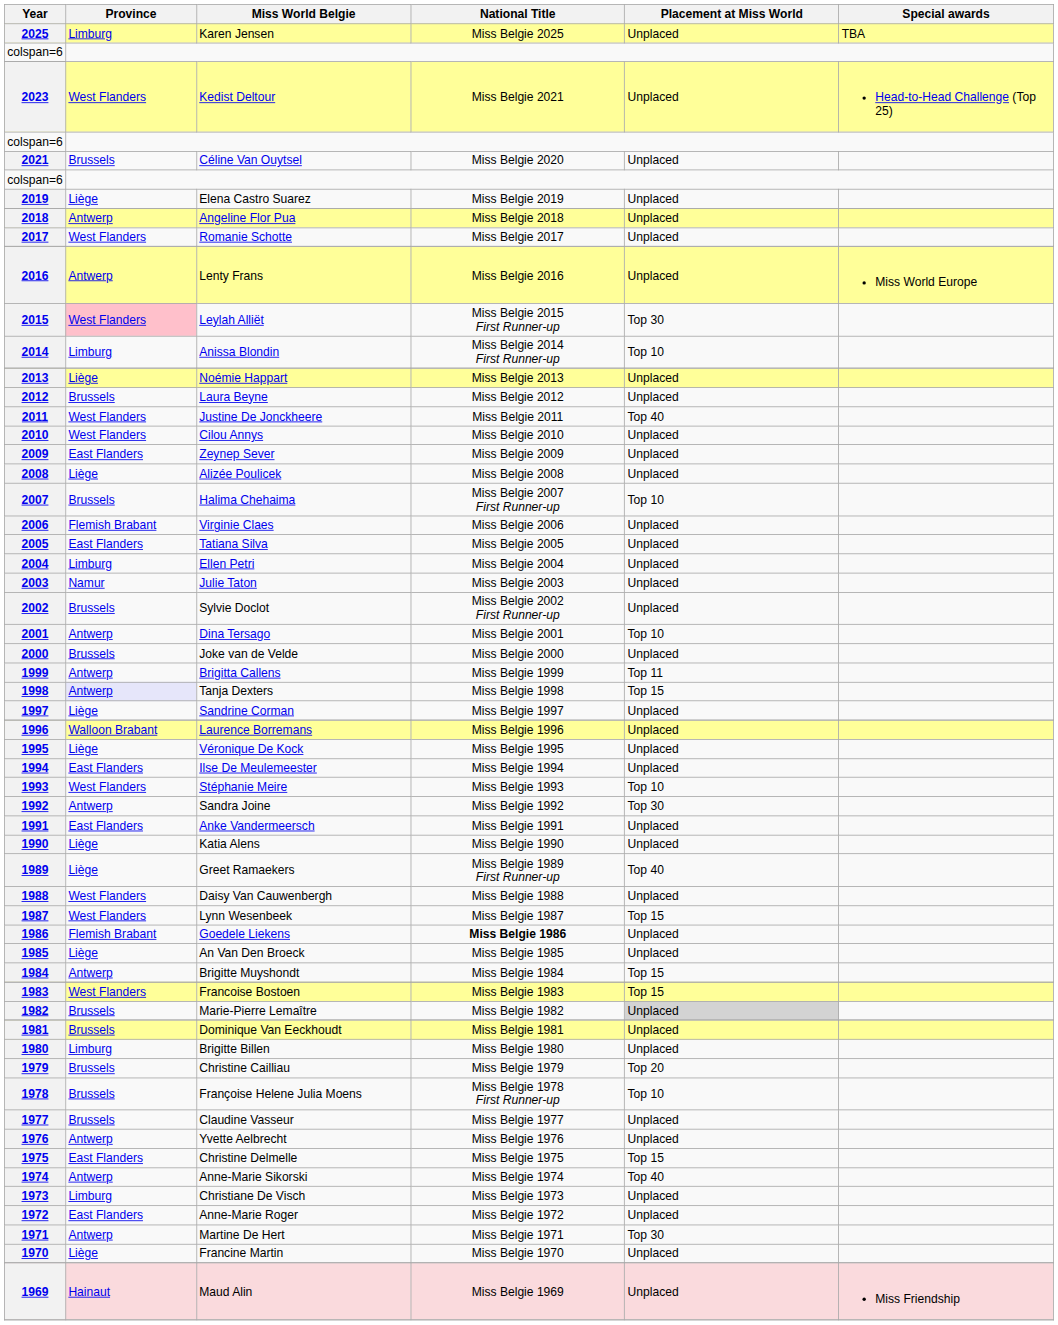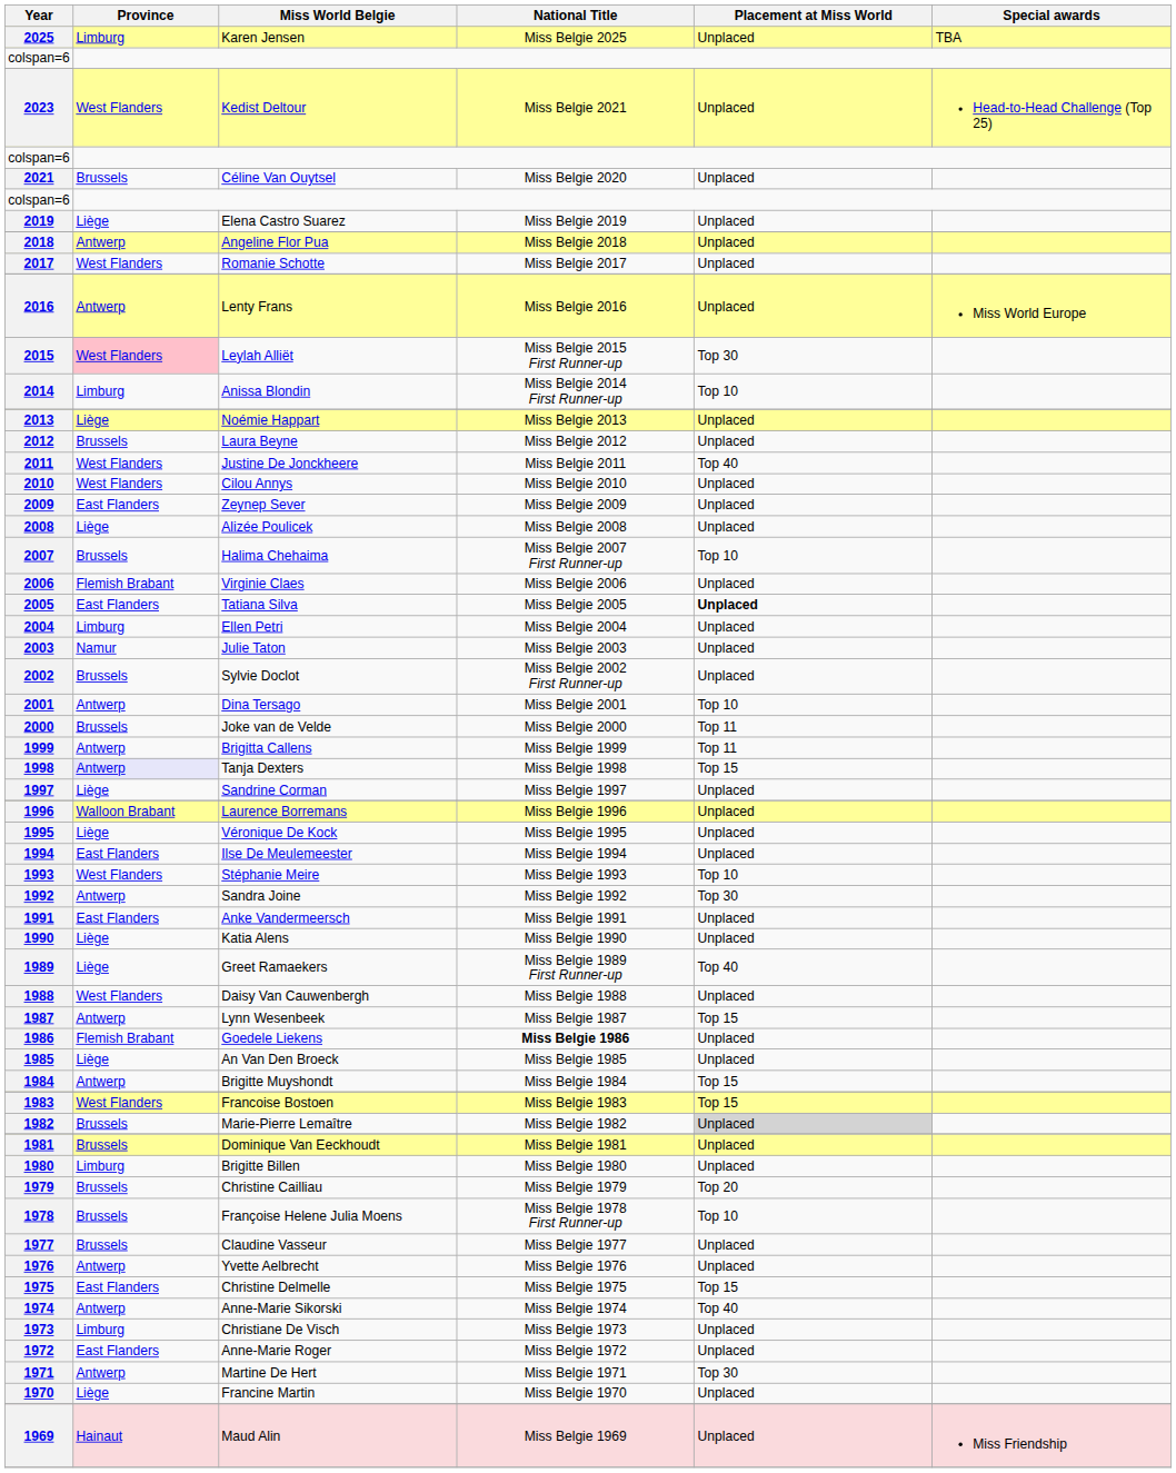 <table class="wikitable " style="font-size: 90%;">
 <tr>
 <th width="60">Year</th>
 <th width="150">Province</th>
 <th width="250">Miss World Belgie</th>
 <th width="250">National Title</th>
 <th width="250">Placement at Miss World</th>
 <th width="250">Special awards</th>
 </tr>
 <tr style="background-color:#FFFF99; ">
 <th><a href='#'>2025</a></th>
 <td><a href='#'>Limburg</a></td>
 <td>Karen Jensen</td>
 <td align="center">Miss Belgie 2025</td>
 <td>Unplaced</td>
 <td>TBA</td>
 </tr>
 <tr>
 <td>colspan=6 </td>
 </tr>
 <tr>
 </tr>
 <tr style="background-color:#FFFF99; ">
 <th><a href='#'>2023</a></th>
 <td><a href='#'>West Flanders</a></td>
 <td><a href='#'>Kedist Deltour</a></td>
 <td align="center">Miss Belgie 2021</td>
 <td>Unplaced</td>
 <td><br><ul><li><a href='#'>Head-to-Head Challenge</a> (Top 25)</li></ul></td>
 </tr>
 <tr>
 <td>colspan=6 </td>
 </tr>
 <tr>
 <th><a href='#'>2021</a></th>
 <td><a href='#'>Brussels</a></td>
 <td><a href='#'>Céline Van Ouytsel</a></td>
 <td align="center">Miss Belgie 2020</td>
 <td>Unplaced</td>
 <td></td>
 </tr>
 <tr>
 <td>colspan=6 </td>
 </tr>
 <tr>
 <th><a href='#'>2019</a></th>
 <td><a href='#'>Liège</a></td>
 <td>Elena Castro Suarez</td>
 <td align="center">Miss Belgie 2019</td>
 <td>Unplaced</td>
 <td></td>
 </tr>
 <tr>
 </tr>
 <tr style="background-color:#FFFF99; ">
 <th><a href='#'>2018</a></th>
 <td><a href='#'>Antwerp</a></td>
 <td><a href='#'>Angeline Flor Pua</a></td>
 <td align="center">Miss Belgie 2018</td>
 <td>Unplaced</td>
 <td></td>
 </tr>
 <tr>
 <th><a href='#'>2017</a></th>
 <td><a href='#'>West Flanders</a></td>
 <td><a href='#'>Romanie Schotte</a></td>
 <td align="center">Miss Belgie 2017</td>
 <td>Unplaced</td>
 <td></td>
 </tr>
 <tr>
 </tr>
 <tr style="background-color:#FFFF99; ">
 <th><a href='#'>2016</a></th>
 <td><a href='#'>Antwerp</a></td>
 <td>Lenty Frans</td>
 <td align="center">Miss Belgie 2016</td>
 <td>Unplaced</td>
 <td align="left"><br><ul><li>Miss World Europe</li></ul></td>
 </tr>
 <tr>
 <th><a href='#'>2015</a></th>
 <td style="background: pink;"><a href='#'>West Flanders</a></td>
 <td><a href='#'>Leylah Alliët</a></td>
 <td align="center">Miss Belgie 2015<br><em>First Runner-up</em></td>
 <td>Top 30</td>
 <td></td>
 </tr>
 <tr>
 <th><a href='#'>2014</a></th>
 <td><a href='#'>Limburg</a></td>
 <td><a href='#'>Anissa Blondin</a></td>
 <td align="center">Miss Belgie 2014<br><em>First Runner-up</em></td>
 <td>Top 10</td>
 <td></td>
 </tr>
 <tr>
 </tr>
 <tr style="background-color:#FFFF99; ">
 <th><a href='#'>2013</a></th>
 <td><a href='#'>Liège</a></td>
 <td><a href='#'>Noémie Happart</a></td>
 <td align="center">Miss Belgie 2013</td>
 <td>Unplaced</td>
 <td></td>
 </tr>
 <tr>
 <th><a href='#'>2012</a></th>
 <td><a href='#'>Brussels</a></td>
 <td><a href='#'>Laura Beyne</a></td>
 <td align="center">Miss Belgie 2012</td>
 <td>Unplaced</td>
 <td></td>
 </tr>
 <tr>
 <th><a href='#'>2011</a></th>
 <td><a href='#'>West Flanders</a></td>
 <td><a href='#'>Justine De Jonckheere</a></td>
 <td align="center">Miss Belgie 2011</td>
 <td>Top 40</td>
 <td></td>
 </tr>
 <tr>
 <th><a href='#'>2010</a></th>
 <td><a href='#'>West Flanders</a></td>
 <td><a href='#'>Cilou Annys</a></td>
 <td align="center">Miss Belgie 2010</td>
 <td>Unplaced</td>
 <td></td>
 </tr>
 <tr>
 <th><a href='#'>2009</a></th>
 <td><a href='#'>East Flanders</a></td>
 <td><a href='#'>Zeynep Sever</a></td>
 <td align="center">Miss Belgie 2009</td>
 <td>Unplaced</td>
 <td></td>
 </tr>
 <tr>
 <th><a href='#'>2008</a></th>
 <td><a href='#'>Liège</a></td>
 <td><a href='#'>Alizée Poulicek</a></td>
 <td align="center">Miss Belgie 2008</td>
 <td>Unplaced</td>
 <td></td>
 </tr>
 <tr>
 <th><a href='#'>2007</a></th>
 <td><a href='#'>Brussels</a></td>
 <td><a href='#'>Halima Chehaima</a></td>
 <td align="center">Miss Belgie 2007<br><em>First Runner-up</em></td>
 <td>Top 10</td>
 <td></td>
 </tr>
 <tr>
 <th><a href='#'>2006</a></th>
 <td><a href='#'>Flemish Brabant</a></td>
 <td><a href='#'>Virginie Claes</a></td>
 <td align="center">Miss Belgie 2006</td>
 <td>Unplaced</td>
 <td></td>
 </tr>
 <tr>
 <th><a href='#'>2005</a></th>
 <td><a href='#'>East Flanders</a></td>
 <td><a href='#'>Tatiana Silva</a></td>
 <td align="center">Miss Belgie 2005</td>
-<td>Unplaced</td>
+<td><strong>Unplaced</strong></td>
 <td></td>
 </tr>
 <tr>
 <th><a href='#'>2004</a></th>
 <td><a href='#'>Limburg</a></td>
 <td><a href='#'>Ellen Petri</a></td>
 <td align="center">Miss Belgie 2004</td>
 <td>Unplaced</td>
 <td></td>
 </tr>
 <tr>
 <th><a href='#'>2003</a></th>
 <td><a href='#'>Namur</a></td>
 <td><a href='#'>Julie Taton</a></td>
 <td align="center">Miss Belgie 2003</td>
 <td>Unplaced</td>
 <td></td>
 </tr>
 <tr>
 <th><a href='#'>2002</a></th>
 <td><a href='#'>Brussels</a></td>
 <td>Sylvie Doclot</td>
 <td align="center">Miss Belgie 2002<br><em>First Runner-up</em></td>
 <td>Unplaced</td>
 <td></td>
 </tr>
 <tr>
 <th><a href='#'>2001</a></th>
 <td><a href='#'>Antwerp</a></td>
 <td><a href='#'>Dina Tersago</a></td>
 <td align="center">Miss Belgie 2001</td>
 <td>Top 10</td>
 <td></td>
 </tr>
 <tr>
 <th><a href='#'>2000</a></th>
 <td><a href='#'>Brussels</a></td>
 <td>Joke van de Velde</td>
 <td align="center">Miss Belgie 2000</td>
-<td>Unplaced</td>
+<td>Top 11</td>
 <td></td>
 </tr>
 <tr>
 <th><a href='#'>1999</a></th>
 <td><a href='#'>Antwerp</a></td>
 <td><a href='#'>Brigitta Callens</a></td>
 <td align="center">Miss Belgie 1999</td>
 <td>Top 11</td>
 <td></td>
 </tr>
 <tr>
 <th><a href='#'>1998</a></th>
 <td style="background: lavender;"><a href='#'>Antwerp</a></td>
 <td>Tanja Dexters</td>
 <td align="center">Miss Belgie 1998</td>
 <td>Top 15</td>
 <td></td>
 </tr>
 <tr>
 <th><a href='#'>1997</a></th>
 <td><a href='#'>Liège</a></td>
 <td><a href='#'>Sandrine Corman</a></td>
 <td align="center">Miss Belgie 1997</td>
 <td>Unplaced</td>
 <td></td>
 </tr>
 <tr>
 </tr>
 <tr style="background-color:#FFFF99; ">
 <th><a href='#'>1996</a></th>
 <td><a href='#'>Walloon Brabant</a></td>
 <td><a href='#'>Laurence Borremans</a></td>
 <td align="center">Miss Belgie 1996</td>
 <td>Unplaced</td>
 <td></td>
 </tr>
 <tr>
 <th><a href='#'>1995</a></th>
 <td><a href='#'>Liège</a></td>
 <td><a href='#'>Véronique De Kock</a></td>
 <td align="center">Miss Belgie 1995</td>
 <td>Unplaced</td>
 <td></td>
 </tr>
 <tr>
 <th><a href='#'>1994</a></th>
 <td><a href='#'>East Flanders</a></td>
 <td><a href='#'>Ilse De Meulemeester</a></td>
 <td align="center">Miss Belgie 1994</td>
 <td>Unplaced</td>
 <td></td>
 </tr>
 <tr>
 <th><a href='#'>1993</a></th>
 <td><a href='#'>West Flanders</a></td>
 <td><a href='#'>Stéphanie Meire</a></td>
 <td align="center">Miss Belgie 1993</td>
 <td>Top 10</td>
 <td></td>
 </tr>
 <tr>
 <th><a href='#'>1992</a></th>
 <td><a href='#'>Antwerp</a></td>
 <td>Sandra Joine</td>
 <td align="center">Miss Belgie 1992</td>
 <td>Top 30</td>
 <td></td>
 </tr>
 <tr>
 <th><a href='#'>1991</a></th>
 <td><a href='#'>East Flanders</a></td>
 <td><a href='#'>Anke Vandermeersch</a></td>
 <td align="center">Miss Belgie 1991</td>
 <td>Unplaced</td>
 <td></td>
 </tr>
 <tr>
 <th><a href='#'>1990</a></th>
 <td><a href='#'>Liège</a></td>
 <td>Katia Alens</td>
 <td align="center">Miss Belgie 1990</td>
 <td>Unplaced</td>
 <td></td>
 </tr>
 <tr>
 <th><a href='#'>1989</a></th>
 <td><a href='#'>Liège</a></td>
 <td>Greet Ramaekers</td>
 <td align="center">Miss Belgie 1989<br><em>First Runner-up</em></td>
 <td>Top 40</td>
 <td></td>
 </tr>
 <tr>
 <th><a href='#'>1988</a></th>
 <td><a href='#'>West Flanders</a></td>
 <td>Daisy Van Cauwenbergh</td>
 <td align="center">Miss Belgie 1988</td>
 <td>Unplaced</td>
 <td></td>
 </tr>
 <tr>
 <th><a href='#'>1987</a></th>
-<td><a href='#'>West Flanders</a></td>
+<td><a href='#'>Antwerp</a></td>
 <td>Lynn Wesenbeek</td>
 <td align="center">Miss Belgie 1987</td>
 <td>Top 15</td>
 <td></td>
 </tr>
 <tr>
 <th><a href='#'>1986</a></th>
 <td><a href='#'>Flemish Brabant</a></td>
 <td><a href='#'>Goedele Liekens</a></td>
 <td align="center"><strong>Miss Belgie 1986</strong></td>
 <td>Unplaced</td>
 <td></td>
 </tr>
 <tr>
 <th><a href='#'>1985</a></th>
 <td><a href='#'>Liège</a></td>
 <td>An Van Den Broeck</td>
 <td align="center">Miss Belgie 1985</td>
 <td>Unplaced</td>
 <td></td>
 </tr>
 <tr>
 <th><a href='#'>1984</a></th>
 <td><a href='#'>Antwerp</a></td>
 <td>Brigitte Muyshondt</td>
 <td align="center">Miss Belgie 1984</td>
 <td>Top 15</td>
 <td></td>
 </tr>
 <tr>
 </tr>
 <tr style="background-color:#FFFF99; ">
 <th><a href='#'>1983</a></th>
 <td><a href='#'>West Flanders</a></td>
 <td>Francoise Bostoen</td>
 <td align="center">Miss Belgie 1983</td>
 <td>Top 15</td>
 <td></td>
 </tr>
 <tr>
 <th><a href='#'>1982</a></th>
 <td><a href='#'>Brussels</a></td>
 <td>Marie-Pierre Lemaître</td>
 <td align="center">Miss Belgie 1982</td>
 <td style="background: lightgrey;">Unplaced</td>
 <td></td>
 </tr>
 <tr>
 </tr>
 <tr style="background-color:#FFFF99; ">
 <th><a href='#'>1981</a></th>
 <td><a href='#'>Brussels</a></td>
 <td>Dominique Van Eeckhoudt</td>
 <td align="center">Miss Belgie 1981</td>
 <td>Unplaced</td>
 <td></td>
 </tr>
 <tr>
 <th><a href='#'>1980</a></th>
 <td><a href='#'>Limburg</a></td>
 <td>Brigitte Billen</td>
 <td align="center">Miss Belgie 1980</td>
 <td>Unplaced</td>
 <td></td>
 </tr>
 <tr>
 <th><a href='#'>1979</a></th>
 <td><a href='#'>Brussels</a></td>
 <td>Christine Cailliau</td>
 <td align="center">Miss Belgie 1979</td>
 <td>Top 20</td>
 <td></td>
 </tr>
 <tr>
 <th><a href='#'>1978</a></th>
 <td><a href='#'>Brussels</a></td>
 <td>Françoise Helene Julia Moens</td>
 <td align="center">Miss Belgie 1978<br><em>First Runner-up</em></td>
 <td>Top 10</td>
 <td></td>
 </tr>
 <tr>
 <th><a href='#'>1977</a></th>
 <td><a href='#'>Brussels</a></td>
 <td>Claudine Vasseur</td>
 <td align="center">Miss Belgie 1977</td>
 <td>Unplaced</td>
 <td></td>
 </tr>
 <tr>
 <th><a href='#'>1976</a></th>
 <td><a href='#'>Antwerp</a></td>
 <td>Yvette Aelbrecht</td>
 <td align="center">Miss Belgie 1976</td>
 <td>Unplaced</td>
 <td></td>
 </tr>
 <tr>
 <th><a href='#'>1975</a></th>
 <td><a href='#'>East Flanders</a></td>
 <td>Christine Delmelle</td>
 <td align="center">Miss Belgie 1975</td>
 <td>Top 15</td>
 <td></td>
 </tr>
 <tr>
 <th><a href='#'>1974</a></th>
 <td><a href='#'>Antwerp</a></td>
 <td>Anne-Marie Sikorski</td>
 <td align="center">Miss Belgie 1974</td>
 <td>Top 40</td>
 <td></td>
 </tr>
 <tr>
 <th><a href='#'>1973</a></th>
 <td><a href='#'>Limburg</a></td>
 <td>Christiane De Visch</td>
 <td align="center">Miss Belgie 1973</td>
 <td>Unplaced</td>
 <td></td>
 </tr>
 <tr>
 <th><a href='#'>1972</a></th>
 <td><a href='#'>East Flanders</a></td>
 <td>Anne-Marie Roger</td>
 <td align="center">Miss Belgie 1972</td>
 <td>Unplaced</td>
 <td></td>
 </tr>
 <tr>
 <th><a href='#'>1971</a></th>
 <td><a href='#'>Antwerp</a></td>
 <td>Martine De Hert</td>
 <td align="center">Miss Belgie 1971</td>
 <td>Top 30</td>
 <td></td>
 </tr>
 <tr>
 <th><a href='#'>1970</a></th>
 <td><a href='#'>Liège</a></td>
 <td>Francine Martin</td>
 <td align="center">Miss Belgie 1970</td>
 <td>Unplaced</td>
 <td></td>
 </tr>
 <tr>
 </tr>
 <tr style="background-color:#FADADD; ">
 <th><a href='#'>1969</a></th>
 <td><a href='#'>Hainaut</a></td>
 <td>Maud Alin</td>
 <td align="center">Miss Belgie 1969</td>
 <td>Unplaced</td>
 <td align="left"><br><ul><li>Miss Friendship</li></ul></td>
 </tr>
 <tr>
 </tr>
 </table>
